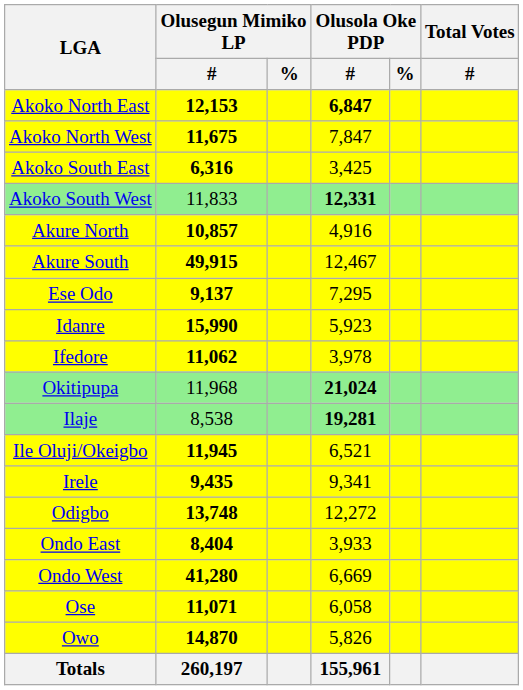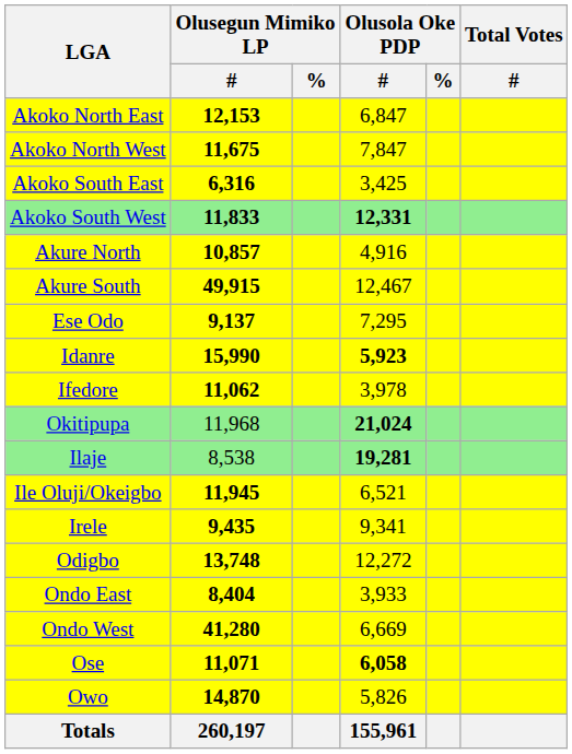 <table class="wikitable sortable" style=" font-size: 95%">
 <tr>
 <th rowspan="2">LGA</th>
 <th colspan="2">Olusegun Mimiko<br>LP</th>
 <th colspan="2">Olusola Oke<br>PDP</th>
 <th>Total Votes</th>
 </tr>
 <tr>
 <th>#</th>
 <th>%</th>
 <th>#</th>
 <th>%</th>
 <th>#</th>
 </tr>
 <tr>
 <td bgcolor=#FFFF00 align="center"><a href='#'>Akoko North East</a></td>
 <td bgcolor=#FFFF00 align="center"><strong>12,153</strong></td>
 <td bgcolor=#FFFF00 align="center"></td>
-<td bgcolor=#FFFF00 align="center"><strong>6,847</strong></td>
+<td bgcolor=#FFFF00 align="center">6,847</td>
 <td bgcolor=#FFFF00 align="center"></td>
 <td bgcolor=#FFFF00 align="center"></td>
 </tr>
 <tr>
 <td bgcolor=#FFFF00 align="center"><a href='#'>Akoko North West</a></td>
 <td bgcolor=#FFFF00 align="center"><strong>11,675</strong></td>
 <td bgcolor=#FFFF00 align="center"></td>
 <td bgcolor=#FFFF00 align="center">7,847</td>
 <td bgcolor=#FFFF00 align="center"></td>
 <td bgcolor=#FFFF00 align="center"></td>
 </tr>
 <tr>
 <td bgcolor=#FFFF00 align="center"><a href='#'>Akoko South East</a></td>
 <td bgcolor=#FFFF00 align="center"><strong>6,316</strong></td>
 <td bgcolor=#FFFF00 align="center"></td>
 <td bgcolor=#FFFF00 align="center">3,425</td>
 <td bgcolor=#FFFF00 align="center"></td>
 <td bgcolor=#FFFF00 align="center"></td>
 </tr>
 <tr>
 <td bgcolor=#90EE90 align="center"><a href='#'>Akoko South West</a></td>
-<td bgcolor=#90EE90 align="center">11,833</td>
+<td bgcolor=#90EE90 align="center"><strong>11,833</strong></td>
 <td bgcolor=#90EE90 align="center"></td>
 <td bgcolor=#90EE90 align="center"><strong>12,331</strong></td>
 <td bgcolor=#90EE90 align="center"></td>
 <td bgcolor=#90EE90 align="center"></td>
 </tr>
 <tr>
 <td bgcolor=#FFFF00 align="center"><a href='#'>Akure North</a></td>
 <td bgcolor=#FFFF00 align="center"><strong>10,857</strong></td>
 <td bgcolor=#FFFF00 align="center"></td>
 <td bgcolor=#FFFF00 align="center">4,916</td>
 <td bgcolor=#FFFF00 align="center"></td>
 <td bgcolor=#FFFF00 align="center"></td>
 </tr>
 <tr>
 <td bgcolor=#FFFF00 align="center"><a href='#'>Akure South</a></td>
 <td bgcolor=#FFFF00 align="center"><strong>49,915</strong></td>
 <td bgcolor=#FFFF00 align="center"></td>
 <td bgcolor=#FFFF00 align="center">12,467</td>
 <td bgcolor=#FFFF00 align="center"></td>
 <td bgcolor=#FFFF00 align="center"></td>
 </tr>
 <tr>
 <td bgcolor=#FFFF00 align="center"><a href='#'>Ese Odo</a></td>
 <td bgcolor=#FFFF00 align="center"><strong>9,137</strong></td>
 <td bgcolor=#FFFF00 align="center"></td>
 <td bgcolor=#FFFF00 align="center">7,295</td>
 <td bgcolor=#FFFF00 align="center"></td>
 <td bgcolor=#FFFF00 align="center"></td>
 </tr>
 <tr>
 <td bgcolor=#FFFF00 align="center"><a href='#'>Idanre</a></td>
 <td bgcolor=#FFFF00 align="center"><strong>15,990</strong></td>
 <td bgcolor=#FFFF00 align="center"></td>
-<td bgcolor=#FFFF00 align="center">5,923</td>
+<td bgcolor=#FFFF00 align="center"><strong>5,923</strong></td>
 <td bgcolor=#FFFF00 align="center"></td>
 <td bgcolor=#FFFF00 align="center"></td>
 </tr>
 <tr>
 <td bgcolor=#FFFF00 align="center"><a href='#'>Ifedore</a></td>
 <td bgcolor=#FFFF00 align="center"><strong>11,062</strong></td>
 <td bgcolor=#FFFF00 align="center"></td>
 <td bgcolor=#FFFF00 align="center">3,978</td>
 <td bgcolor=#FFFF00 align="center"></td>
 <td bgcolor=#FFFF00 align="center"></td>
 </tr>
 <tr>
 <td bgcolor=#90EE90 align="center"><a href='#'>Okitipupa</a></td>
 <td bgcolor=#90EE90 align="center">11,968</td>
 <td bgcolor=#90EE90 align="center"></td>
 <td bgcolor=#90EE90 align="center"><strong>21,024</strong></td>
 <td bgcolor=#90EE90 align="center"></td>
 <td bgcolor=#90EE90 align="center"></td>
 </tr>
 <tr>
 <td bgcolor=#90EE90 align="center"><a href='#'>Ilaje</a></td>
 <td bgcolor=#90EE90 align="center">8,538</td>
 <td bgcolor=#90EE90 align="center"></td>
 <td bgcolor=#90EE90 align="center"><strong>19,281</strong></td>
 <td bgcolor=#90EE90 align="center"></td>
 <td bgcolor=#90EE90 align="center"></td>
 </tr>
 <tr>
 <td bgcolor=#FFFF00 align="center"><a href='#'>Ile Oluji/Okeigbo</a></td>
 <td bgcolor=#FFFF00 align="center"><strong>11,945</strong></td>
 <td bgcolor=#FFFF00 align="center"></td>
 <td bgcolor=#FFFF00 align="center">6,521</td>
 <td bgcolor=#FFFF00 align="center"></td>
 <td bgcolor=#FFFF00 align="center"></td>
 </tr>
 <tr>
 <td bgcolor=#FFFF00 align="center"><a href='#'>Irele</a></td>
 <td bgcolor=#FFFF00 align="center"><strong>9,435</strong></td>
 <td bgcolor=#FFFF00 align="center"></td>
 <td bgcolor=#FFFF00 align="center">9,341</td>
 <td bgcolor=#FFFF00 align="center"></td>
 <td bgcolor=#FFFF00 align="center"></td>
 </tr>
 <tr>
 <td bgcolor=#FFFF00 align="center"><a href='#'>Odigbo</a></td>
 <td bgcolor=#FFFF00 align="center"><strong>13,748</strong></td>
 <td bgcolor=#FFFF00 align="center"></td>
 <td bgcolor=#FFFF00 align="center">12,272</td>
 <td bgcolor=#FFFF00 align="center"></td>
 <td bgcolor=#FFFF00 align="center"></td>
 </tr>
 <tr>
 <td bgcolor=#FFFF00 align="center"><a href='#'>Ondo East</a></td>
 <td bgcolor=#FFFF00 align="center"><strong>8,404</strong></td>
 <td bgcolor=#FFFF00 align="center"></td>
 <td bgcolor=#FFFF00 align="center">3,933</td>
 <td bgcolor=#FFFF00 align="center"></td>
 <td bgcolor=#FFFF00 align="center"></td>
 </tr>
 <tr>
 <td bgcolor=#FFFF00 align="center"><a href='#'>Ondo West</a></td>
 <td bgcolor=#FFFF00 align="center"><strong>41,280</strong></td>
 <td bgcolor=#FFFF00 align="center"></td>
 <td bgcolor=#FFFF00 align="center">6,669</td>
 <td bgcolor=#FFFF00 align="center"></td>
 <td bgcolor=#FFFF00 align="center"></td>
 </tr>
 <tr>
 <td bgcolor=#FFFF00 align="center"><a href='#'>Ose</a></td>
 <td bgcolor=#FFFF00 align="center"><strong>11,071</strong></td>
 <td bgcolor=#FFFF00 align="center"></td>
-<td bgcolor=#FFFF00 align="center">6,058</td>
+<td bgcolor=#FFFF00 align="center"><strong>6,058</strong></td>
 <td bgcolor=#FFFF00 align="center"></td>
 <td bgcolor=#FFFF00 align="center"></td>
 </tr>
 <tr>
 <td bgcolor=#FFFF00 align="center"><a href='#'>Owo</a></td>
 <td bgcolor=#FFFF00 align="center"><strong>14,870</strong></td>
 <td bgcolor=#FFFF00 align="center"></td>
 <td bgcolor=#FFFF00 align="center">5,826</td>
 <td bgcolor=#FFFF00 align="center"></td>
 <td bgcolor=#FFFF00 align="center"></td>
 </tr>
 <tr>
 <th>Totals</th>
 <th><strong>260,197</strong></th>
 <th></th>
 <th><strong>155,961</strong></th>
 <th></th>
 <th></th>
 </tr>
 </table>
